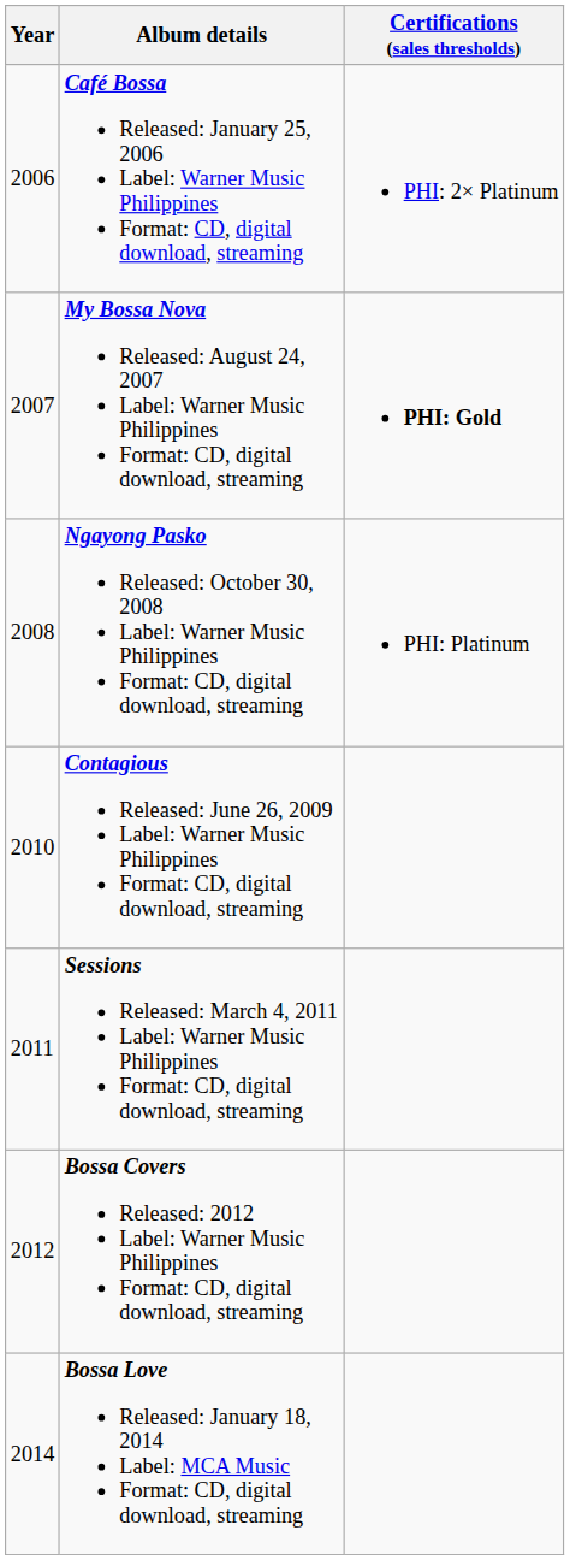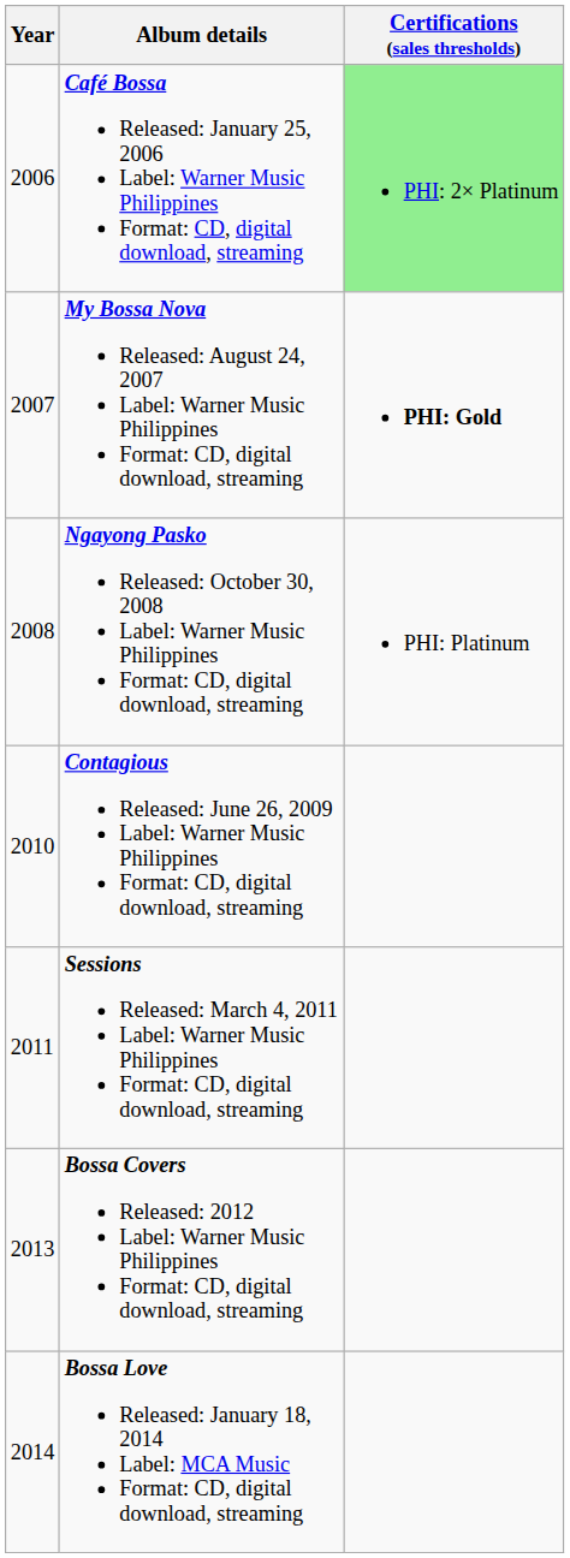 <table class="wikitable">
 <tr>
 <th>Year</th>
 <th style="width:200px;">Album details</th>
 <th><a href='#'>Certifications</a><br><small>(<a href='#'>sales thresholds</a>)</small></th>
 </tr>
 <tr>
 <td>2006</td>
 <td><strong><em><a href='#'>Café Bossa</a></em></strong><br><ul><li>Released: January 25, 2006</li><li>Label: <a href='#'>Warner Music Philippines</a></li><li>Format: <a href='#'>CD</a>, <a href='#'>digital download</a>, <a href='#'>streaming</a></li></ul></td>
-<td><br><ul><li><a href='#'>PHI</a>: 2× Platinum</li></ul></td>
+<td style="background: lightgreen;"><br><ul><li><a href='#'>PHI</a>: 2× Platinum</li></ul></td>
 </tr>
 <tr>
 <td>2007</td>
 <td><strong><em><a href='#'>My Bossa Nova</a></em></strong><br><ul><li>Released: August 24, 2007</li><li>Label: Warner Music Philippines</li><li>Format: CD, digital download, streaming</li></ul></td>
 <td><strong><br><ul><li>PHI: Gold</li></ul></strong></td>
 </tr>
 <tr>
 <td>2008</td>
 <td><strong><em><a href='#'>Ngayong Pasko</a></em></strong><br><ul><li>Released: October 30, 2008</li><li>Label: Warner Music Philippines</li><li>Format: CD, digital download, streaming</li></ul></td>
 <td><br><ul><li>PHI: Platinum</li></ul></td>
 </tr>
 <tr>
 <td>2010</td>
 <td><strong><em><a href='#'>Contagious</a></em></strong><br><ul><li>Released: June 26, 2009</li><li>Label: Warner Music Philippines</li><li>Format: CD, digital download, streaming</li></ul></td>
 <td></td>
 </tr>
 <tr>
 <td>2011</td>
 <td><strong><em>Sessions</em></strong><br><ul><li>Released: March 4, 2011</li><li>Label: Warner Music Philippines</li><li>Format: CD, digital download, streaming</li></ul></td>
 <td></td>
 </tr>
 <tr>
-<td>2012</td>
+<td>2013</td>
 <td><strong><em>Bossa Covers</em></strong><br><ul><li>Released: 2012</li><li>Label: Warner Music Philippines</li><li>Format: CD, digital download, streaming</li></ul></td>
 <td></td>
 </tr>
 <tr>
 <td>2014</td>
 <td><strong><em>Bossa Love</em></strong><br><ul><li>Released: January 18, 2014</li><li>Label: <a href='#'>MCA Music</a></li><li>Format: CD, digital download, streaming</li></ul></td>
 <td></td>
 </tr>
 </table>
